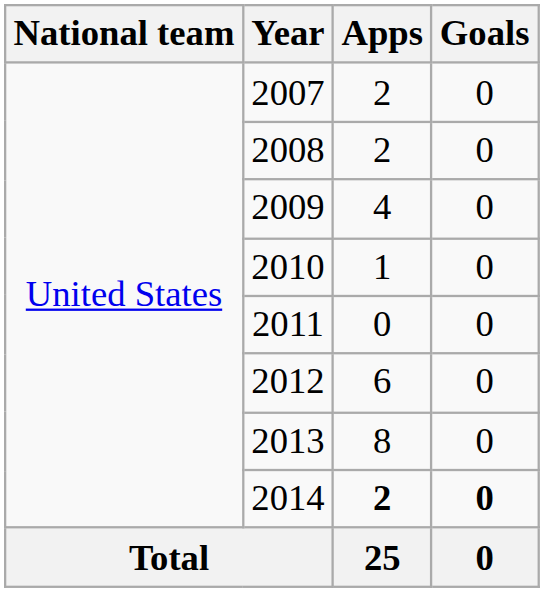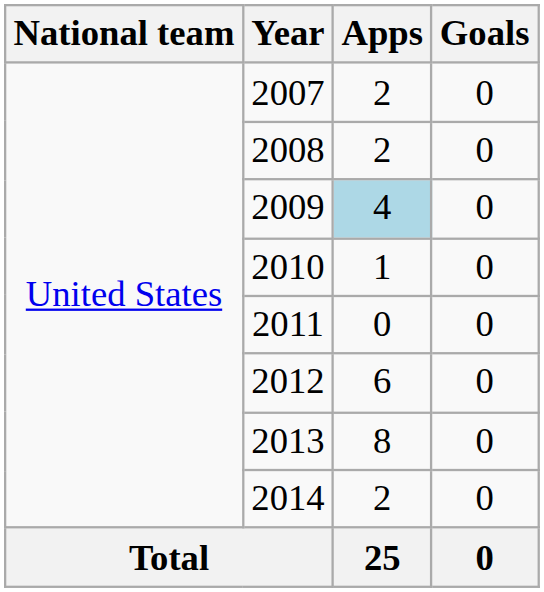 <table class="wikitable" style="text-align:center">
 <tr>
 <th>National team</th>
 <th>Year</th>
 <th>Apps</th>
 <th>Goals</th>
 </tr>
 <tr>
 <td rowspan="8"><a href='#'>United States</a></td>
 <td>2007</td>
 <td>2</td>
 <td>0</td>
 </tr>
 <tr>
 <td>2008</td>
 <td>2</td>
 <td>0</td>
 </tr>
 <tr>
 <td>2009</td>
-<td>4</td>
+<td style="background: lightblue;">4</td>
 <td>0</td>
 </tr>
 <tr>
 <td>2010</td>
 <td>1</td>
 <td>0</td>
 </tr>
 <tr>
 <td>2011</td>
 <td>0</td>
 <td>0</td>
 </tr>
 <tr>
 <td>2012</td>
 <td>6</td>
 <td>0</td>
 </tr>
 <tr>
 <td>2013</td>
 <td>8</td>
 <td>0</td>
 </tr>
 <tr>
 <td>2014</td>
-<td><strong>2</strong></td>
-<td><strong>0</strong></td>
+<td>2</td>
+<td>0</td>
 </tr>
 <tr>
 <th colspan="2">Total</th>
 <th>25</th>
 <th>0</th>
 </tr>
 </table>
